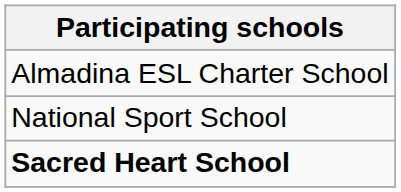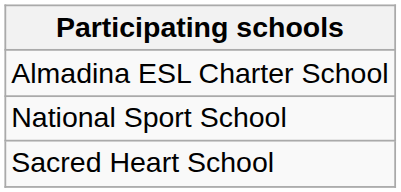 <table class="wikitable" align=right>
 <tr>
 <th>Participating schools</th>
 </tr>
 <tr>
 <td>Almadina ESL Charter School</td>
 </tr>
 <tr>
 <td>National Sport School</td>
 </tr>
 <tr>
-<td><strong>Sacred Heart School</strong></td>
+<td>Sacred Heart School</td>
 </tr>
 </table>
